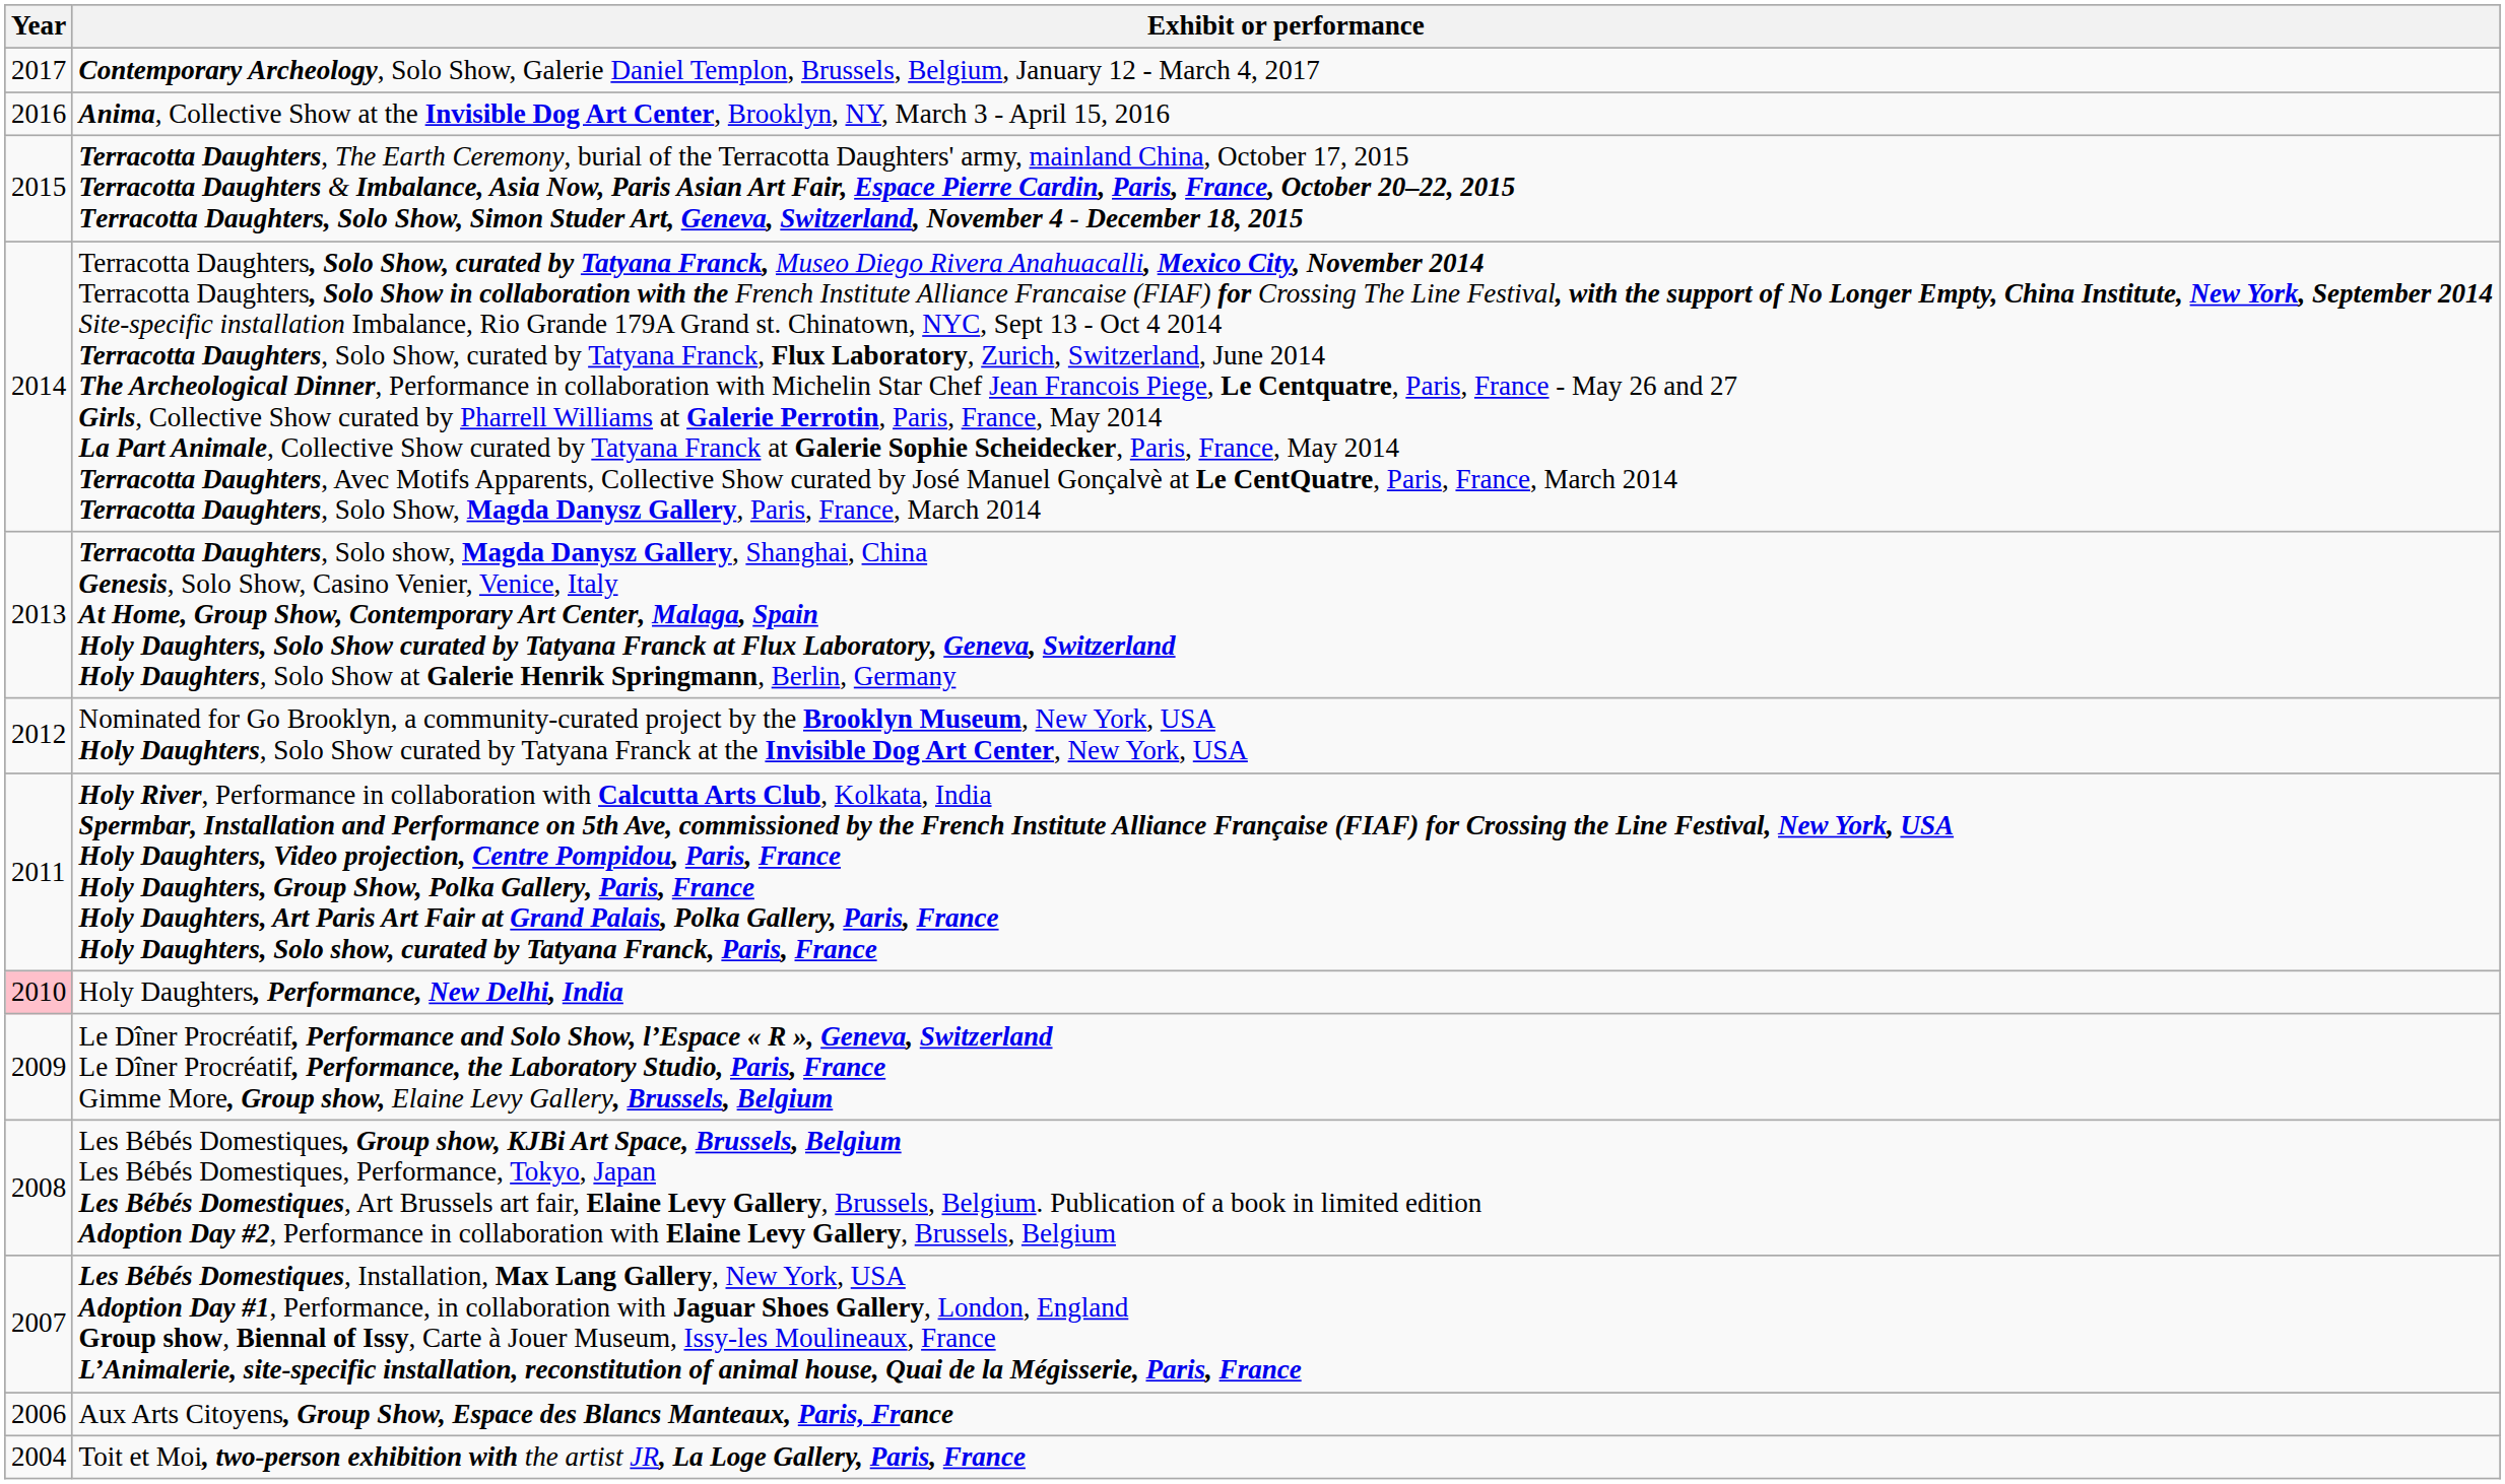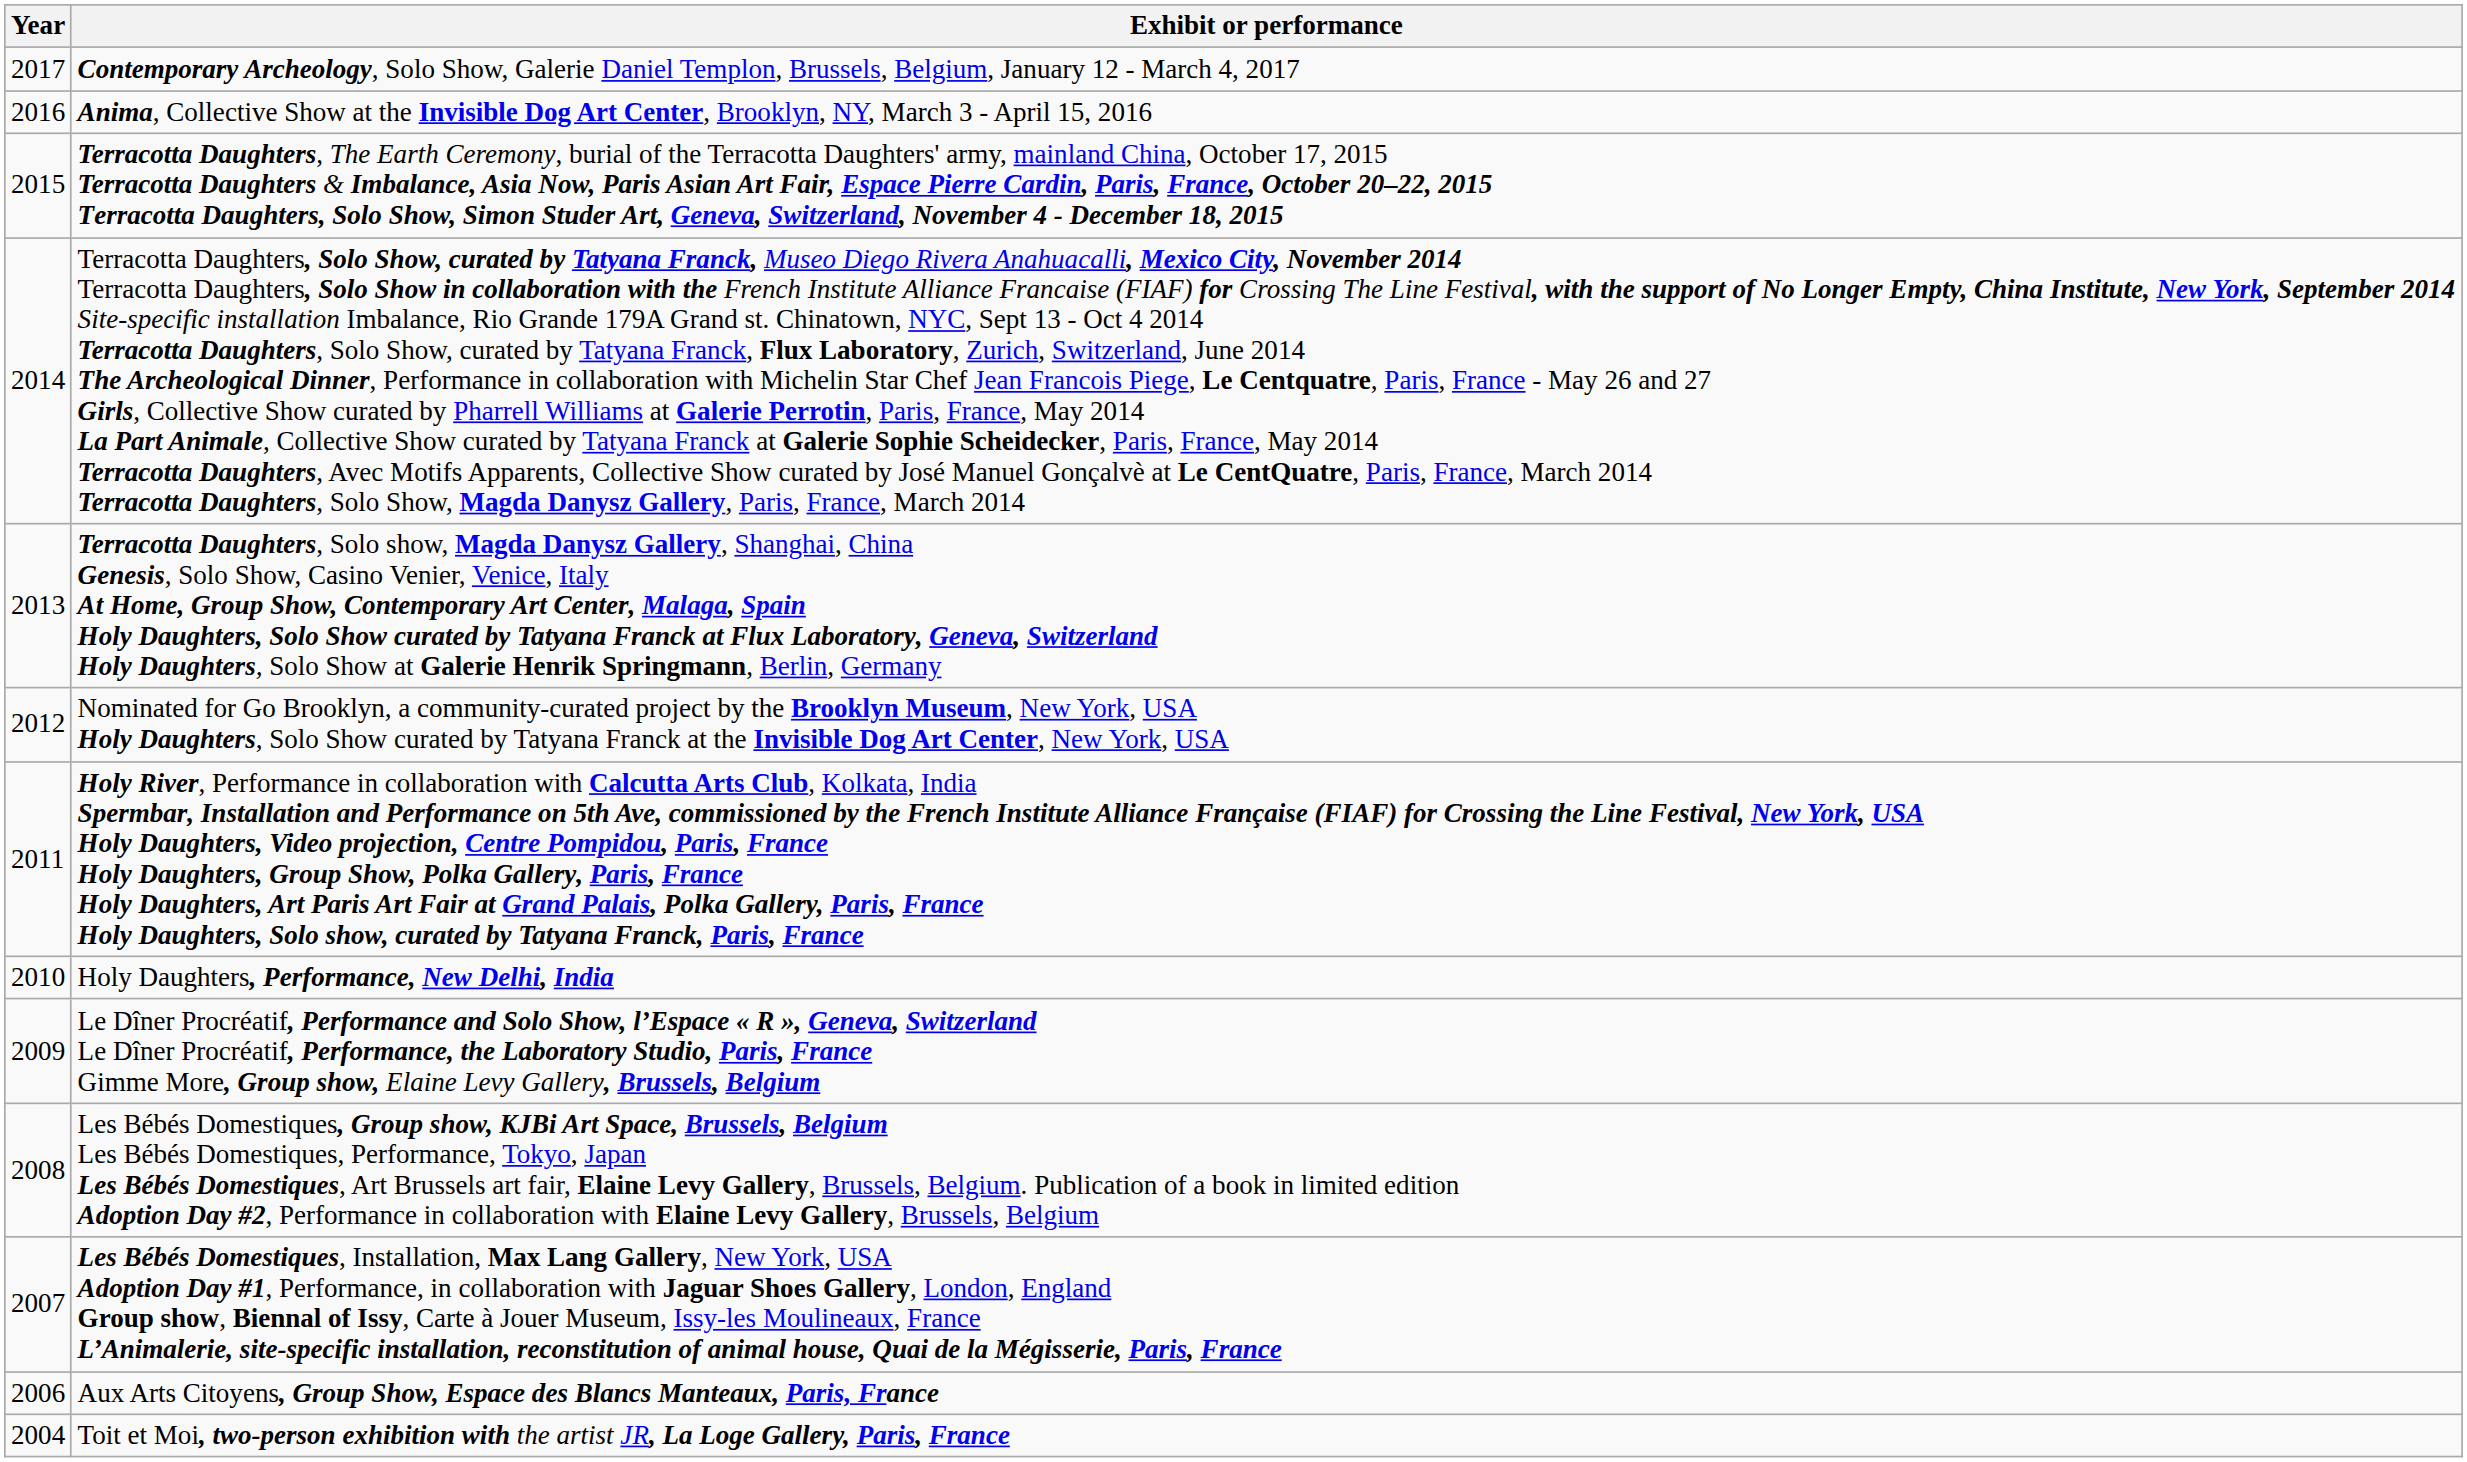 <table class="wikitable">
 <tr>
 <th>Year</th>
 <th>Exhibit or performance</th>
 </tr>
 <tr>
 <td>2017</td>
 <td><strong><em>Contemporary Archeology</em></strong>, Solo Show, Galerie <a href='#'>Daniel Templon</a>, <a href='#'>Brussels</a>, <a href='#'>Belgium</a>, January 12 - March 4, 2017</td>
 </tr>
 <tr>
 <td>2016</td>
 <td><strong><em>Anima</em></strong>, Collective Show at the <strong><a href='#'>Invisible Dog Art Center</a></strong>, <a href='#'>Brooklyn</a>, <a href='#'>NY</a>, March 3 - April 15, 2016</td>
 </tr>
 <tr>
 <td>2015</td>
 <td><strong><em>Terracotta Daughters</em></strong>, <em>The Earth Ceremony</em>, burial of the Terracotta Daughters' army, <a href='#'>mainland China</a>, October 17, 2015<br><strong><em>Terracotta Daughters</em></strong> <em>& <strong>Imbalance<strong><em>, Asia Now, Paris Asian Art Fair, </strong><a href='#'>Espace Pierre Cardin</a><strong>, <a href='#'>Paris</a>, <a href='#'>France</a>, October 20–22, 2015<br>T</em></strong>erracotta Daughters<strong><em>, Solo Show, </strong>Simon Studer Art<strong>, <a href='#'>Geneva</a>, <a href='#'>Switzerland</a>, November 4 - December 18, 2015</td>
 </tr>
 <tr>
 <td>2014</td>
 <td></em></strong>Terracotta Daughters<strong><em>, Solo Show, curated by <a href='#'>Tatyana Franck</a>, </strong><a href='#'>Museo Diego Rivera Anahuacalli</a><strong>, <a href='#'>Mexico City</a>, November 2014<br></em></strong>Terracotta Daughters<strong><em>, Solo Show in collaboration with the </strong>French Institute Alliance Francaise (FIAF)<strong> for </strong>Crossing The Line Festival<strong>, with the support of No Longer Empty, China Institute, <a href='#'>New York</a>, September 2014<br></strong>Site-specific installation </em>Imbalance</em></strong>, Rio Grande 179A Grand st. Chinatown, <a href='#'>NYC</a>, Sept 13 - Oct 4 2014<br><strong><em>Terracotta Daughters</em></strong>, Solo Show, curated by <a href='#'>Tatyana Franck</a>, <strong>Flux Laboratory</strong>, <a href='#'>Zurich</a>, <a href='#'>Switzerland</a>, June 2014<br><strong><em>The Archeological Dinner</em></strong>, Performance in collaboration with Michelin Star Chef <a href='#'>Jean Francois Piege</a>, <strong>Le Centquatre</strong>, <a href='#'>Paris</a>, <a href='#'>France</a> - May 26 and 27<br><strong><em>Girls</em></strong>, Collective Show curated by <a href='#'>Pharrell Williams</a> at <strong><a href='#'>Galerie Perrotin</a></strong>, <a href='#'>Paris</a>, <a href='#'>France</a>, May 2014<br><strong><em>La Part Animale</em></strong>, Collective Show curated by <a href='#'>Tatyana Franck</a> at <strong>Galerie Sophie Scheidecker</strong>, <a href='#'>Paris</a>, <a href='#'>France</a>, May 2014<br><strong><em>Terracotta Daughters</em></strong>, Avec Motifs Apparents, Collective Show curated by José Manuel Gonçalvè at <strong>Le CentQuatre</strong>, <a href='#'>Paris</a>, <a href='#'>France</a>, March 2014<br><strong><em>Terracotta Daughters</em></strong>, Solo Show, <strong><a href='#'>Magda Danysz Gallery</a></strong>, <a href='#'>Paris</a>, <a href='#'>France</a>, March 2014</td>
 </tr>
 <tr>
 <td>2013</td>
 <td><strong><em>Terracotta Daughters</em></strong>, Solo show, <strong><a href='#'>Magda Danysz Gallery</a></strong>, <a href='#'>Shanghai</a>, <a href='#'>China</a><br><strong><em>Genesis</em></strong>, Solo Show, Casino Venier, <a href='#'>Venice</a>, <a href='#'>Italy</a><br><strong><em>At Home<em>,<strong> Group Show, </strong>Contemporary Art Center<strong>, <a href='#'>Malaga</a>, <a href='#'>Spain</a><br></em></strong>Holy Daughters<strong><em>, Solo Show curated by Tatyana Franck at </strong>Flux Laboratory<strong>, <a href='#'>Geneva</a>, <a href='#'>Switzerland</a><br></em></strong>Holy Daughters</strong>,</em> Solo Show at <strong>Galerie Henrik Springmann</strong>, <a href='#'>Berlin</a>, <a href='#'>Germany</a></td>
 </tr>
 <tr>
 <td>2012</td>
 <td>Nominated for Go Brooklyn, a community-curated project by the <strong><a href='#'>Brooklyn Museum</a></strong>, <a href='#'>New York</a>, <a href='#'>USA</a><br><strong><em>Holy Daughters</em></strong>, Solo Show curated by Tatyana Franck at the <strong><a href='#'>Invisible Dog Art Center</a></strong>, <a href='#'>New York</a>, <a href='#'>USA</a></td>
 </tr>
 <tr>
 <td>2011</td>
 <td><strong><em>Holy River</em></strong>, Performance in collaboration with <strong><a href='#'>Calcutta Arts Club</a></strong>, <a href='#'>Kolkata</a>, <a href='#'>India</a><br><strong><em>Spermbar<strong>,<em> Installation and Performance on 5th Ave, commissioned by the </strong>French Institute Alliance Française (FIAF)<strong> for Crossing the Line Festival, <a href='#'>New York</a>, <a href='#'>USA</a><br></em></strong>Holy Daughters<strong><em>, Video projection, </strong><a href='#'>Centre Pompidou</a><strong>, <a href='#'>Paris</a>, <a href='#'>France</a><br></em></strong>Holy Daughters<strong><em>, Group Show, </strong>Polka Gallery<strong>, <a href='#'>Paris</a>, <a href='#'>France</a><br></em></strong>Holy Daughters<strong><em>, Art Paris Art Fair at <a href='#'>Grand Palais</a>, Polka Gallery, <a href='#'>Paris</a>, <a href='#'>France</a><br></em></strong>Holy Daughters<strong><em>, Solo show, curated by Tatyana Franck, <a href='#'>Paris</a>, <a href='#'>France</a></td>
 </tr>
 <tr>
-<td style="background: pink;">2010</td>
+<td>2010</td>
 <td></em></strong>Holy Daughters<strong><em>, Performance, <a href='#'>New Delhi</a>, <a href='#'>India</a></td>
 </tr>
 <tr>
 <td>2009</td>
 <td></em></strong>Le Dîner Procréatif<strong><em>, Performance and Solo Show, l’Espace « R », <a href='#'>Geneva</a>, <a href='#'>Switzerland</a><br></em></strong>Le Dîner Procréatif<strong><em>, Performance, the Laboratory Studio, <a href='#'>Paris</a>, <a href='#'>France</a><br></em></strong>Gimme More<strong><em>, Group show, </strong>Elaine Levy Gallery<strong>, <a href='#'>Brussels</a>, <a href='#'>Belgium</a></td>
 </tr>
 <tr>
 <td>2008</td>
 <td></em></strong>Les Bébés Domestiques<strong><em>, Group show, KJBi Art Space, <a href='#'>Brussels</a>, <a href='#'>Belgium</a><br></em></strong>Les Bébés Domestiques</strong>,</em> Performance, <a href='#'>Tokyo</a>, <a href='#'>Japan</a><br><strong><em>Les Bébés Domestiques</em></strong>, Art Brussels art fair, <strong>Elaine Levy Gallery</strong>, <a href='#'>Brussels</a>, <a href='#'>Belgium</a>. Publication of a book in limited edition<br><strong><em>Adoption Day #2</em></strong>, Performance in collaboration with <strong>Elaine Levy Gallery</strong>, <a href='#'>Brussels</a>, <a href='#'>Belgium</a></td>
 </tr>
 <tr>
 <td>2007</td>
 <td><strong><em>Les Bébés Domestiques</em></strong>, Installation, <strong>Max Lang Gallery</strong>, <a href='#'>New York</a>, <a href='#'>USA</a><br><strong><em>Adoption Day #1</em></strong>, Performance, in collaboration with <strong>Jaguar Shoes Gallery</strong>, <a href='#'>London</a>, <a href='#'>England</a><br><strong>Group show</strong>, <strong>Biennal of Issy</strong>, Carte à Jouer Museum, <a href='#'>Issy-les Moulineaux</a>, <a href='#'>France</a><br><strong><em>L’Animalerie<strong>,<em> site-specific installation, reconstitution of animal house, Quai de la Mégisserie, <a href='#'>Paris</a>, <a href='#'>France</a></td>
 </tr>
 <tr>
 <td>2006</td>
 <td></em></strong>Aux Arts Citoyens<strong><em>, Group Show, Espace des Blancs Manteaux, <a href='#'>Paris, Fr</a>ance</td>
 </tr>
 <tr>
 <td>2004</td>
 <td></em></strong>Toit et Moi<strong><em>, two-person exhibition with </strong>the artist <a href='#'>JR</a><strong>, La Loge Gallery, <a href='#'>Paris</a>, <a href='#'>France</a></td>
 </tr>
 </table>
